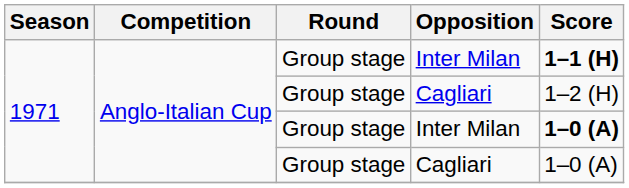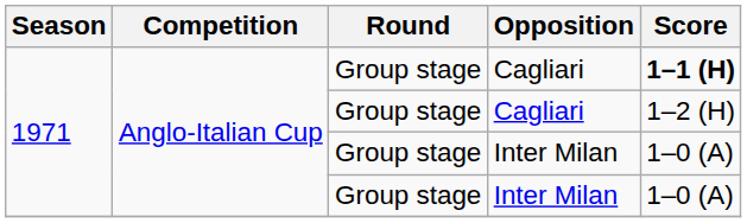 <table class="wikitable">
 <tr>
 <th>Season</th>
 <th>Competition</th>
 <th>Round</th>
 <th>Opposition</th>
 <th>Score</th>
 </tr>
 <tr>
 <td rowspan="4"><a href='#'>1971</a></td>
 <td rowspan="4"><a href='#'>Anglo-Italian Cup</a></td>
 <td>Group stage</td>
-<td> <a href='#'>Inter Milan</a></td>
+<td> Cagliari</td>
 <td><strong>1–1 (H)</strong></td>
 </tr>
 <tr>
 <td>Group stage</td>
 <td> <a href='#'>Cagliari</a></td>
 <td>1–2 (H)</td>
 </tr>
 <tr>
 <td>Group stage</td>
 <td> Inter Milan</td>
-<td><strong>1–0 (A)</strong></td>
+<td>1–0 (A)</td>
 </tr>
 <tr>
 <td>Group stage</td>
-<td> Cagliari</td>
+<td> <a href='#'>Inter Milan</a></td>
 <td>1–0 (A)</td>
 </tr>
 <tr>
 </tr>
 </table>
